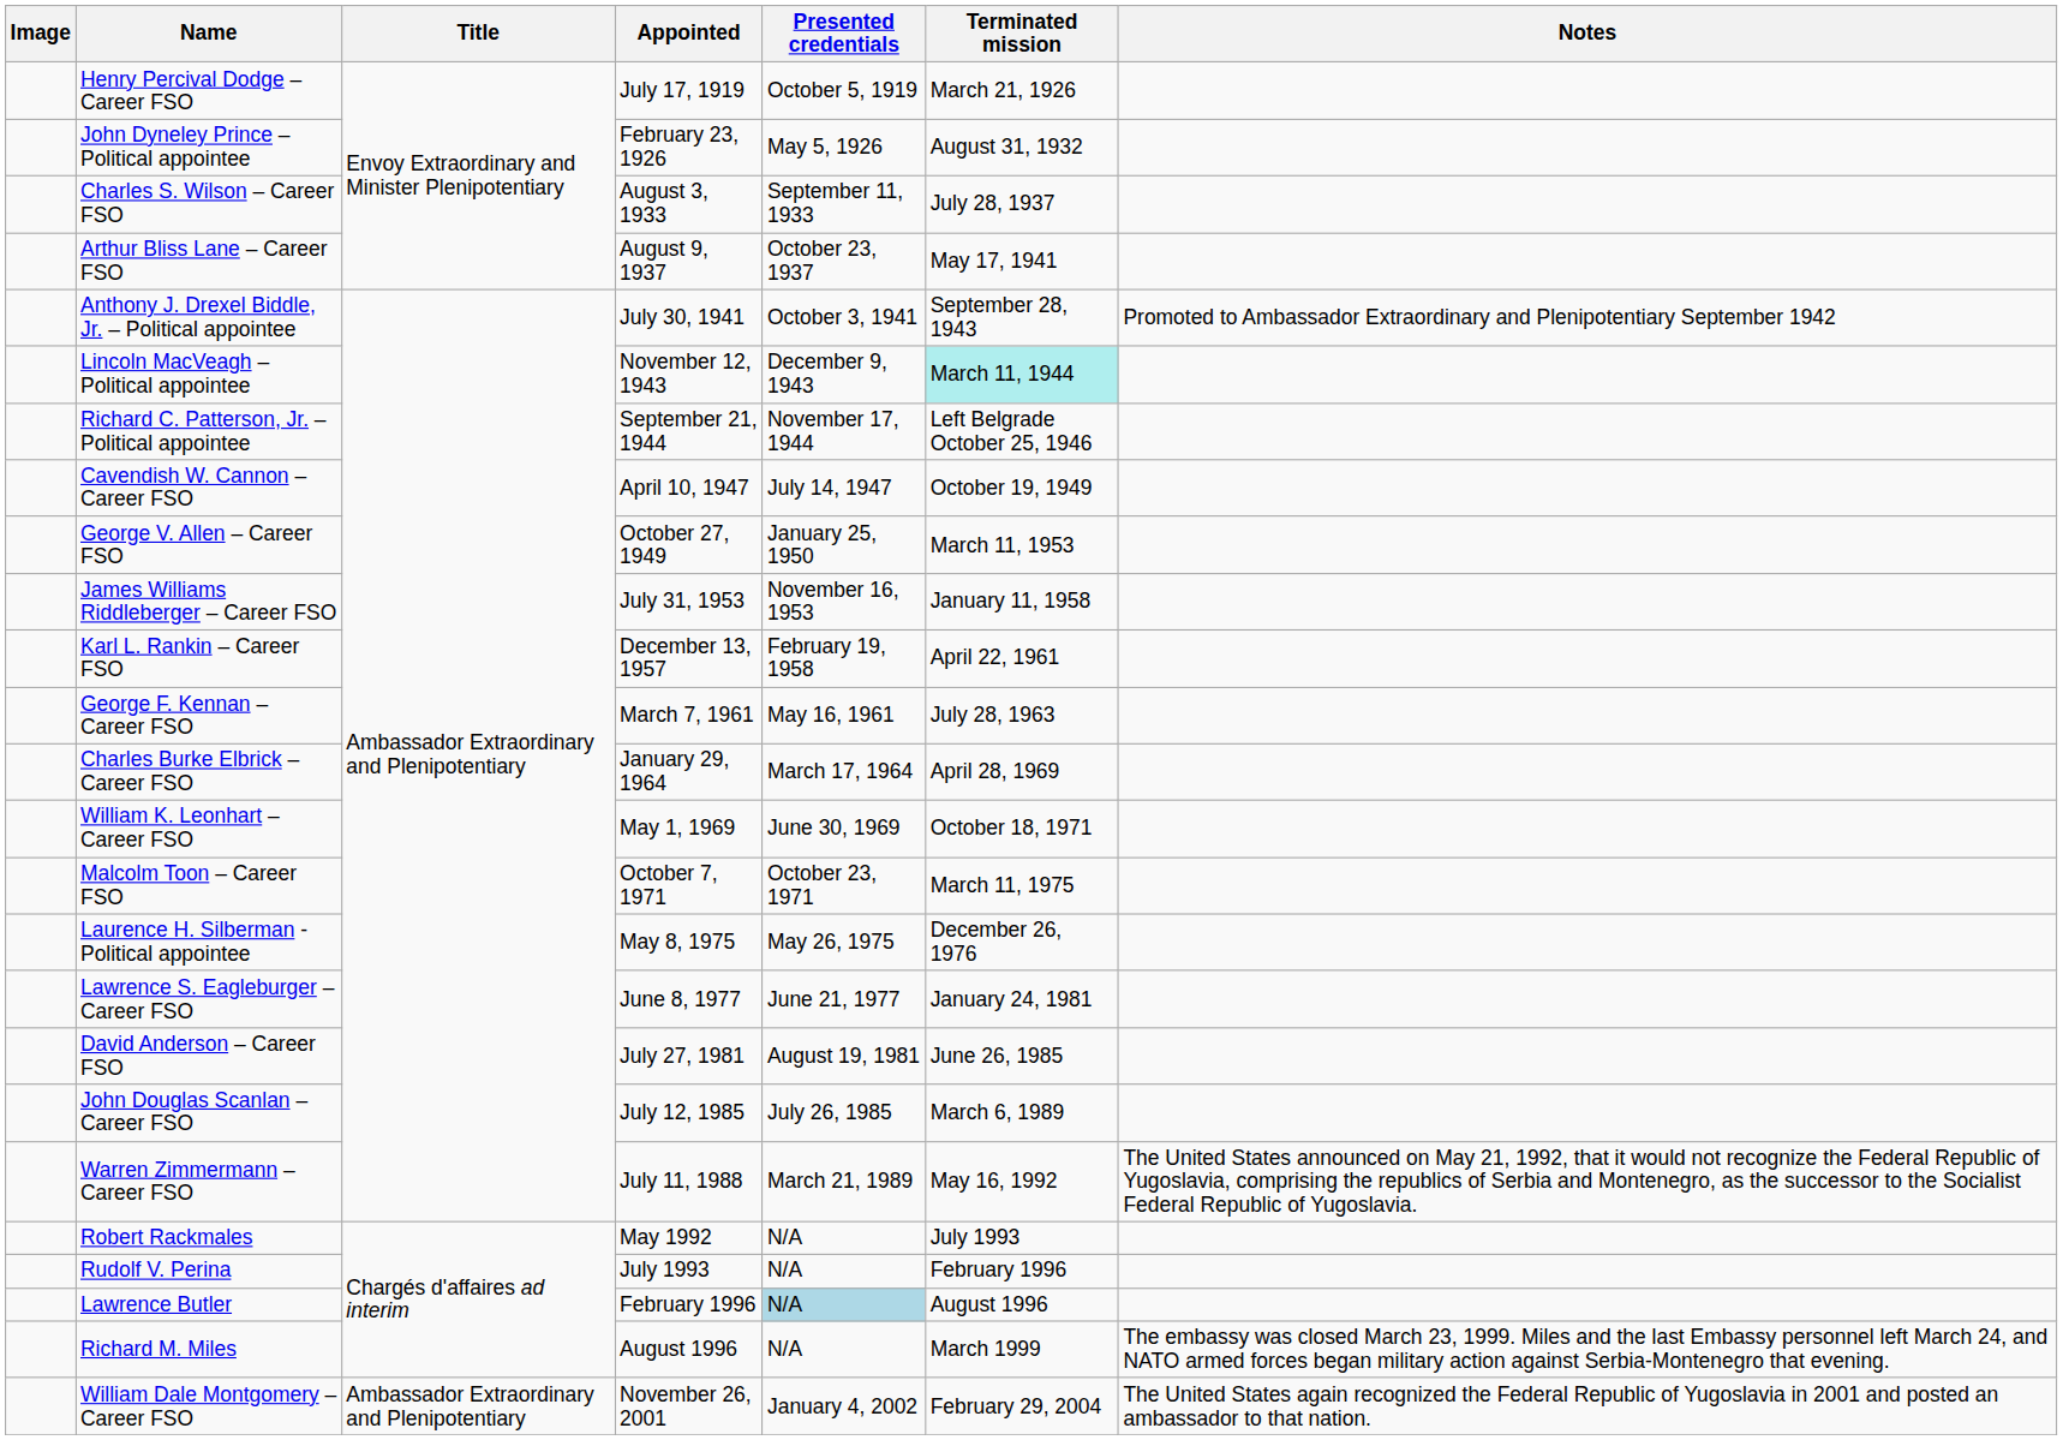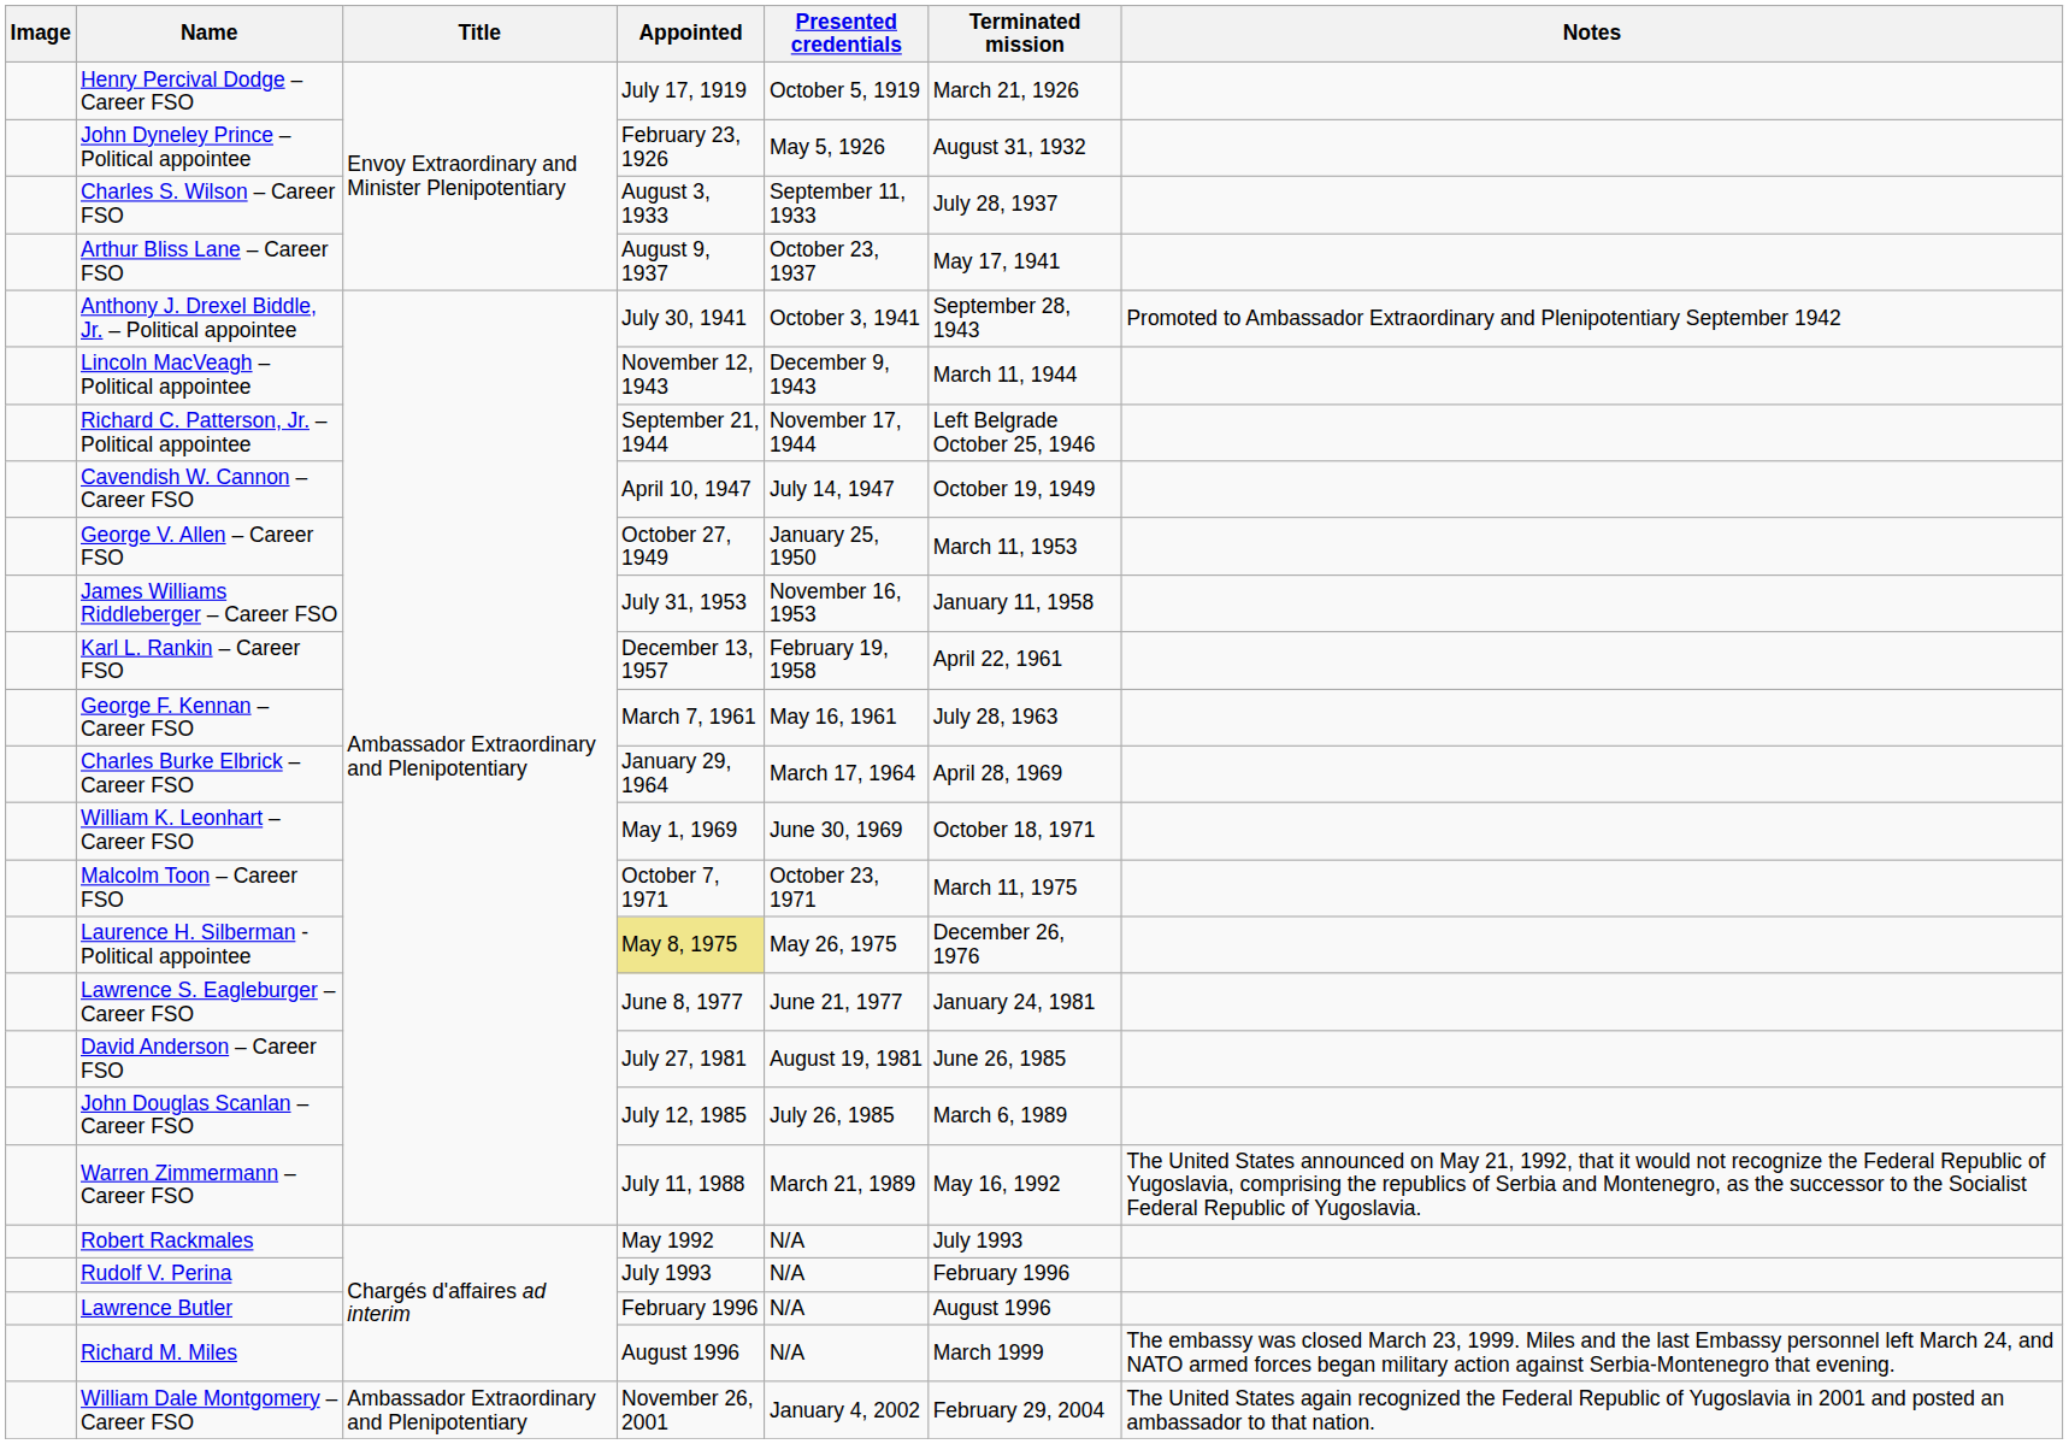 <table class="wikitable">
 <tr>
 <th>Image</th>
 <th>Name</th>
 <th>Title</th>
 <th>Appointed</th>
 <th><a href='#'>Presented credentials</a></th>
 <th>Terminated mission</th>
 <th>Notes</th>
 </tr>
 <tr>
 <td></td>
 <td><a href='#'>Henry Percival Dodge</a> – Career FSO</td>
 <td rowspan="4">Envoy Extraordinary and Minister Plenipotentiary</td>
 <td>July 17, 1919</td>
 <td>October 5, 1919</td>
 <td>March 21, 1926</td>
 <td></td>
 </tr>
 <tr>
 <td></td>
 <td><a href='#'>John Dyneley Prince</a> – Political appointee</td>
 <td>February 23, 1926</td>
 <td>May 5, 1926</td>
 <td>August 31, 1932</td>
 <td></td>
 </tr>
 <tr>
 <td></td>
 <td><a href='#'>Charles S. Wilson</a> – Career FSO</td>
 <td>August 3, 1933</td>
 <td>September 11, 1933</td>
 <td>July 28, 1937</td>
 <td></td>
 </tr>
 <tr>
 <td></td>
 <td><a href='#'>Arthur Bliss Lane</a> – Career FSO</td>
 <td>August 9, 1937</td>
 <td>October 23, 1937</td>
 <td>May 17, 1941</td>
 <td></td>
 </tr>
 <tr>
 <td></td>
 <td><a href='#'>Anthony J. Drexel Biddle, Jr.</a> – Political appointee</td>
 <td rowspan="16">Ambassador Extraordinary and Plenipotentiary</td>
 <td>July 30, 1941</td>
 <td>October 3, 1941</td>
 <td>September 28, 1943</td>
 <td>Promoted to Ambassador Extraordinary and Plenipotentiary September 1942</td>
 </tr>
 <tr>
 <td></td>
 <td><a href='#'>Lincoln MacVeagh</a> – Political appointee</td>
 <td>November 12, 1943</td>
 <td>December 9, 1943</td>
-<td style="background: paleturquoise;">March 11, 1944</td>
+<td>March 11, 1944</td>
 <td></td>
 </tr>
 <tr>
 <td></td>
 <td><a href='#'>Richard C. Patterson, Jr.</a> – Political appointee</td>
 <td>September 21, 1944</td>
 <td>November 17, 1944</td>
 <td>Left Belgrade October 25, 1946</td>
 <td></td>
 </tr>
 <tr>
 <td></td>
 <td><a href='#'>Cavendish W. Cannon</a> – Career FSO</td>
 <td>April 10, 1947</td>
 <td>July 14, 1947</td>
 <td>October 19, 1949</td>
 <td></td>
 </tr>
 <tr>
 <td></td>
 <td><a href='#'>George V. Allen</a> – Career FSO</td>
 <td>October 27, 1949</td>
 <td>January 25, 1950</td>
 <td>March 11, 1953</td>
 <td></td>
 </tr>
 <tr>
 <td></td>
 <td><a href='#'>James Williams Riddleberger</a> – Career FSO</td>
 <td>July 31, 1953</td>
 <td>November 16, 1953</td>
 <td>January 11, 1958</td>
 <td></td>
 </tr>
 <tr>
 <td></td>
 <td><a href='#'>Karl L. Rankin</a> – Career FSO</td>
 <td>December 13, 1957</td>
 <td>February 19, 1958</td>
 <td>April 22, 1961</td>
 <td></td>
 </tr>
 <tr>
 <td></td>
 <td><a href='#'>George F. Kennan</a> – Career FSO</td>
 <td>March 7, 1961</td>
 <td>May 16, 1961</td>
 <td>July 28, 1963</td>
 <td></td>
 </tr>
 <tr>
 <td></td>
 <td><a href='#'>Charles Burke Elbrick</a> – Career FSO</td>
 <td>January 29, 1964</td>
 <td>March 17, 1964</td>
 <td>April 28, 1969</td>
 <td></td>
 </tr>
 <tr>
 <td></td>
 <td><a href='#'>William K. Leonhart</a> – Career FSO</td>
 <td>May 1, 1969</td>
 <td>June 30, 1969</td>
 <td>October 18, 1971</td>
 <td></td>
 </tr>
 <tr>
 <td></td>
 <td><a href='#'>Malcolm Toon</a> – Career FSO</td>
 <td>October 7, 1971</td>
 <td>October 23, 1971</td>
 <td>March 11, 1975</td>
 <td></td>
 </tr>
 <tr>
 <td></td>
 <td><a href='#'>Laurence H. Silberman</a> - Political appointee</td>
-<td>May 8, 1975</td>
+<td style="background: khaki;">May 8, 1975</td>
 <td>May 26, 1975</td>
 <td>December 26, 1976</td>
 <td></td>
 </tr>
 <tr>
 <td></td>
 <td><a href='#'>Lawrence S. Eagleburger</a> – Career FSO</td>
 <td>June 8, 1977</td>
 <td>June 21, 1977</td>
 <td>January 24, 1981</td>
 <td></td>
 </tr>
 <tr>
 <td></td>
 <td><a href='#'>David Anderson</a> – Career FSO</td>
 <td>July 27, 1981</td>
 <td>August 19, 1981</td>
 <td>June 26, 1985</td>
 <td></td>
 </tr>
 <tr>
 <td></td>
 <td><a href='#'>John Douglas Scanlan</a> – Career FSO</td>
 <td>July 12, 1985</td>
 <td>July 26, 1985</td>
 <td>March 6, 1989</td>
 <td></td>
 </tr>
 <tr>
 <td></td>
 <td><a href='#'>Warren Zimmermann</a> – Career FSO</td>
 <td>July 11, 1988</td>
 <td>March 21, 1989</td>
 <td>May 16, 1992</td>
 <td>The United States announced on May 21, 1992, that it would not recognize the Federal Republic of Yugoslavia, comprising the republics of Serbia and Montenegro, as the successor to the Socialist Federal Republic of Yugoslavia.</td>
 </tr>
 <tr>
 <td></td>
 <td><a href='#'>Robert Rackmales</a></td>
 <td rowspan="4">Chargés d'affaires <em>ad interim</em></td>
 <td>May 1992</td>
 <td>N/A</td>
 <td>July 1993</td>
 <td></td>
 </tr>
 <tr>
 <td></td>
 <td><a href='#'>Rudolf V. Perina</a></td>
 <td>July 1993</td>
 <td>N/A</td>
 <td>February 1996</td>
 <td></td>
 </tr>
 <tr>
 <td></td>
 <td><a href='#'>Lawrence Butler</a></td>
 <td>February 1996</td>
-<td style="background: lightblue;">N/A</td>
+<td>N/A</td>
 <td>August 1996</td>
 <td></td>
 </tr>
 <tr>
 <td></td>
 <td><a href='#'>Richard M. Miles</a></td>
 <td>August 1996</td>
 <td>N/A</td>
 <td>March 1999</td>
 <td>The embassy was closed March 23, 1999. Miles and the last Embassy personnel left March 24, and NATO armed forces began military action against Serbia-Montenegro that evening.</td>
 </tr>
 <tr>
 <td></td>
 <td><a href='#'>William Dale Montgomery</a> – Career FSO</td>
 <td>Ambassador Extraordinary and Plenipotentiary</td>
 <td>November 26, 2001</td>
 <td>January 4, 2002</td>
 <td>February 29, 2004</td>
 <td>The United States again recognized the Federal Republic of Yugoslavia in 2001 and posted an ambassador to that nation.</td>
 </tr>
 </table>
